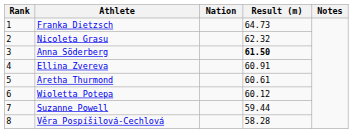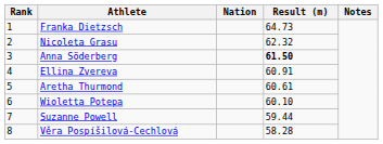 <table class="wikitable" style="text=align:center;" width=85%>
 <tr>
 <th>Rank</th>
 <th>Athlete</th>
 <th>Nation</th>
 <th>Result (m)</th>
 <th>Notes</th>
 </tr>
 <tr>
 <td>1</td>
 <td><a href='#'>Franka Dietzsch</a></td>
 <td></td>
 <td>64.73</td>
 </tr>
 <tr>
 <td>2</td>
 <td><a href='#'>Nicoleta Grasu</a></td>
 <td></td>
 <td>62.32</td>
 </tr>
 <tr>
 <td>3</td>
 <td><a href='#'>Anna Söderberg</a></td>
 <td></td>
 <td><strong>61.50</strong></td>
 </tr>
 <tr>
 <td>4</td>
 <td><a href='#'>Ellina Zvereva</a></td>
 <td></td>
 <td>60.91</td>
 </tr>
 <tr>
 <td>5</td>
 <td><a href='#'>Aretha Thurmond</a></td>
 <td></td>
 <td>60.61</td>
 </tr>
 <tr>
 <td>6</td>
 <td><a href='#'>Wioletta Potepa</a></td>
 <td></td>
-<td>60.12</td>
+<td>60.10</td>
 </tr>
 <tr>
 <td>7</td>
 <td><a href='#'>Suzanne Powell</a></td>
 <td></td>
 <td>59.44</td>
 </tr>
 <tr>
 <td>8</td>
 <td><a href='#'>Věra Pospíšilová-Cechlová</a></td>
 <td></td>
 <td>58.28</td>
 </tr>
 </table>
